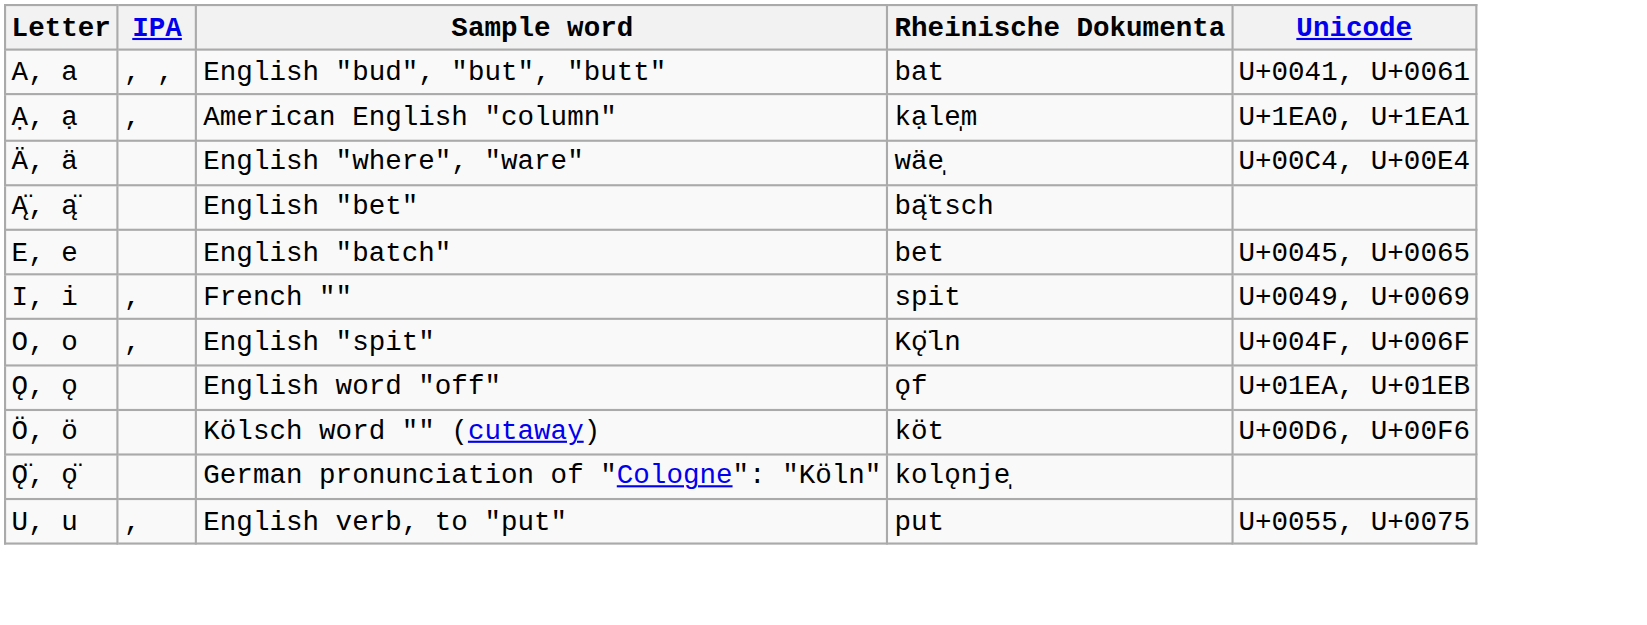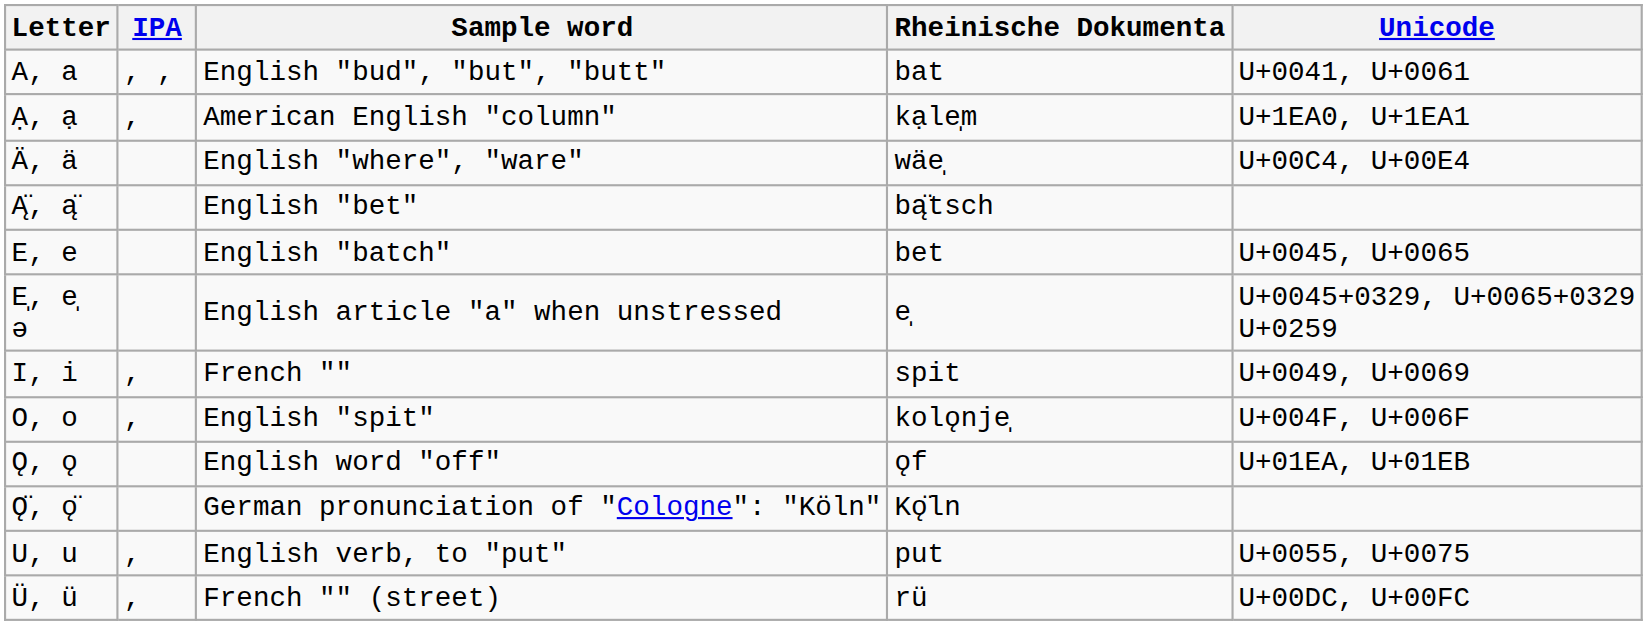 <table class="wikitable">
 <tr>
 <th>Letter</th>
 <th><a href='#'>IPA</a></th>
 <th>Sample word</th>
 <th>Rheinische Dokumenta</th>
 <th><a href='#'>Unicode</a></th>
 </tr>
 <tr>
 <td style="align:center;vertical-align:top"><code>A</code>, <code>a</code></td>
 <td style="align:center;vertical-align:top">, , </td>
 <td style="align:right">English "bud", "but", "butt"</td>
 <td style="align:left">bat</td>
 <td style="align:center;vertical-align:top"><code>U+0041</code>, <code>U+0061</code></td>
 </tr>
 <tr>
 <td style="align:center;vertical-align:top"><code>Ạ</code>, <code>ạ</code></td>
 <td style="align:center;vertical-align:top">, </td>
 <td style="align:right">American English "column"</td>
 <td style="align:left">kạle̩m</td>
 <td style="align:center;vertical-align:top"><code>U+1EA0</code>, <code>U+1EA1</code></td>
 </tr>
 <tr>
 <td style="align:center;vertical-align:top"><code>Ä</code>, <code>ä</code></td>
 <td style="align:center;vertical-align:top"></td>
 <td style="align:right">English "where", "ware"</td>
 <td style="align:left">wäe̩</td>
 <td style="align:center;vertical-align:top"><code>U+00C4</code>, <code>U+00E4</code></td>
 </tr>
 <tr>
 <td style="align:center;vertical-align:top"><code>Ą̈</code>, <code>ą̈</code></td>
 <td style="align:center;vertical-align:top"></td>
 <td style="align:right">English "bet"</td>
 <td style="align:left">bą̈tsch</td>
 <td style="align:center;vertical-align:top"></td>
 </tr>
 <tr>
 <td style="align:center;vertical-align:top"><code>E</code>, <code>e</code></td>
 <td style="align:center;vertical-align:top"></td>
 <td style="align:right">English "batch"</td>
 <td style="align:left">bet</td>
 <td style="align:center;vertical-align:top"><code>U+0045</code>, <code>U+0065</code></td>
 </tr>
 <tr>
+<td style="align:center;vertical-align:top"><code>E̩</code>, <code>e̩</code> <br>ə</td>
+<td style="align:center;vertical-align:top"></td>
+<td style="align:right">English article "a" when unstressed</td>
+<td style="align:left">e̩</td>
+<td style="align:center;vertical-align:top"><code>U+0045+0329</code>, <code>U+0065+0329</code><br><code>U+0259</code></td>
+</tr>
+<tr>
 <td style="align:center;vertical-align:top"><code>I</code>, <code>i</code></td>
 <td style="align:center;vertical-align:top">, </td>
 <td style="align:right">French ""</td>
 <td style="align:left">spit</td>
 <td style="align:center;vertical-align:top"><code>U+0049</code>, <code>U+0069</code></td>
 </tr>
 <tr>
 <td style="align:center;vertical-align:top"><code>O</code>, <code>o</code></td>
 <td style="align:center;vertical-align:top">, </td>
 <td style="align:right">English "spit"</td>
-<td style="align:left">Kǫ̈ln</td>
+<td style="align:left">kolǫnje̩</td>
 <td style="align:center;vertical-align:top"><code>U+004F</code>, <code>U+006F</code></td>
 </tr>
 <tr>
 <td style="align:center;vertical-align:top"><code>Ǫ</code>, <code>ǫ</code></td>
 <td style="align:center;vertical-align:top"></td>
 <td style="align:right">English word "off"</td>
 <td style="align:left">ǫf</td>
 <td style="align:center;vertical-align:top"><code>U+01EA</code>, <code>U+01EB</code></td>
 </tr>
 <tr>
-<td style="align:center;vertical-align:top"><code>Ö</code>, <code>ö</code></td>
-<td style="align:center;vertical-align:top"></td>
-<td style="align:right">Kölsch word "" (<a href='#'>cutaway</a>)</td>
-<td style="align:left">köt</td>
-<td style="align:center;vertical-align:top"><code>U+00D6</code>, <code>U+00F6</code></td>
-</tr>
-<tr>
 <td style="align:center;vertical-align:top"><code>Ǫ̈</code>, <code>ǫ̈</code></td>
 <td style="align:center;vertical-align:top"></td>
 <td style="align:right">German pronunciation of "<a href='#'>Cologne</a>": "Köln"</td>
-<td style="align:left">kolǫnje̩</td>
+<td style="align:left">Kǫ̈ln</td>
 <td style="align:center;vertical-align:top"></td>
 </tr>
 <tr>
 <td style="align:center;vertical-align:top"><code>U</code>, <code>u</code></td>
 <td style="align:center;vertical-align:top">, </td>
 <td style="align:right">English verb, to "put"</td>
 <td style="align:left">put</td>
 <td style="align:center;vertical-align:top"><code>U+0055</code>, <code>U+0075</code></td>
 </tr>
+<tr>
+<td style="align:center;vertical-align:top"><code>Ü</code>, <code>ü</code></td>
+<td style="align:center;vertical-align:top">, </td>
+<td style="align:right">French "" (street)</td>
+<td style="align:left">rü</td>
+<td style="align:center;vertical-align:top"><code>U+00DC</code>, <code>U+00FC</code></td>
+</tr>
 </table>
